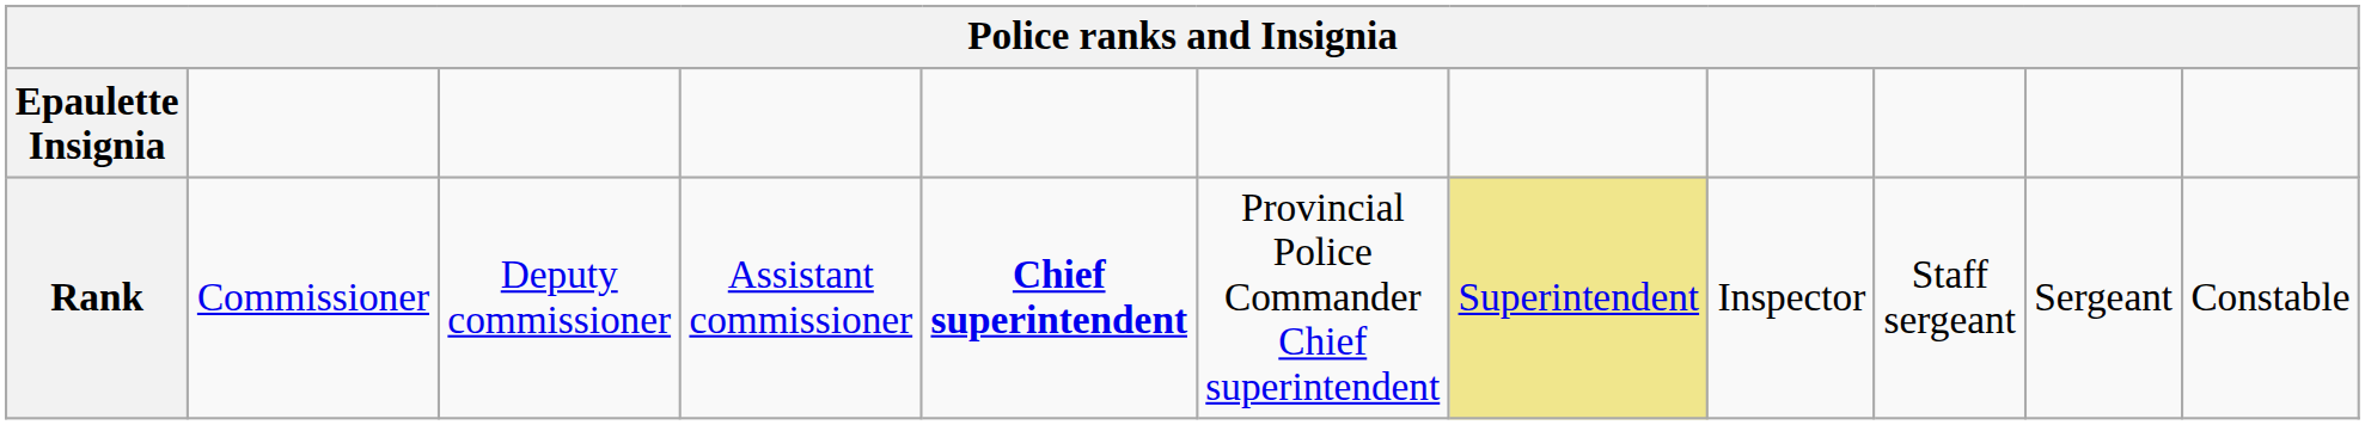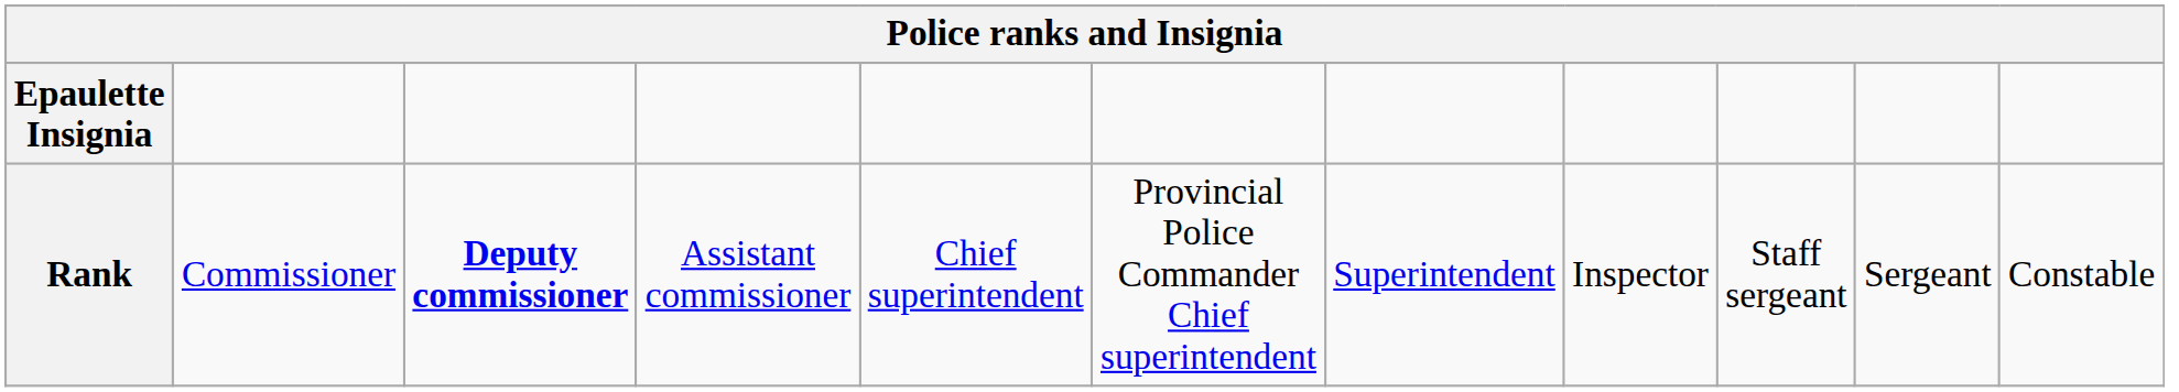 <table class="wikitable" style="text-align: center;">
 <tr>
 <th colspan=11>Police ranks and Insignia</th>
 </tr>
 <tr>
 <th>Epaulette Insignia</th>
 <td></td>
 <td></td>
 <td></td>
 <td></td>
 <td></td>
 <td></td>
 <td></td>
 <td></td>
 <td></td>
 <td></td>
 </tr>
 <tr>
 <th>Rank</th>
 <td><a href='#'>Commissioner</a></td>
-<td><a href='#'>Deputy commissioner</a></td>
+<td><strong><a href='#'>Deputy commissioner</a></strong></td>
 <td><a href='#'>Assistant commissioner</a></td>
-<td><strong><a href='#'>Chief superintendent</a></strong></td>
+<td><a href='#'>Chief superintendent</a></td>
 <td>Provincial Police Commander<br><a href='#'>Chief superintendent</a></td>
-<td style="background: khaki;"><a href='#'>Superintendent</a></td>
+<td><a href='#'>Superintendent</a></td>
 <td>Inspector</td>
 <td>Staff sergeant</td>
 <td>Sergeant</td>
 <td>Constable</td>
 </tr>
 </table>
